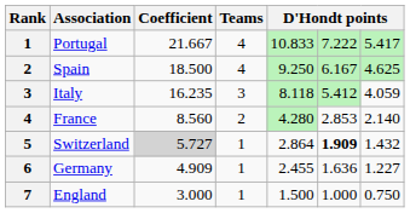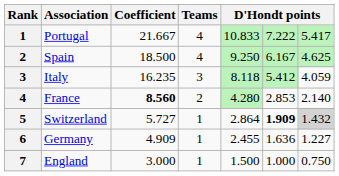 <table class="wikitable">
 <tr>
 <th>Rank</th>
 <th>Association</th>
 <th>Coefficient</th>
 <th>Teams</th>
 <th colspan=4>D'Hondt points</th>
 </tr>
 <tr>
 <th>1</th>
 <td> <a href='#'>Portugal</a></td>
 <td align=right>21.667</td>
 <td align=center>4</td>
 <td align=right bgcolor=#BBF3BB>10.833</td>
 <td align=right bgcolor=#BBF3BB>7.222</td>
 <td align=right bgcolor=#BBF3BB>5.417</td>
 </tr>
 <tr>
 <th>2</th>
 <td> <a href='#'>Spain</a></td>
 <td align=right>18.500</td>
 <td align=center>4</td>
 <td align=right bgcolor=#BBF3BB>9.250</td>
 <td align=right bgcolor=#BBF3BB>6.167</td>
 <td align=right bgcolor=#BBF3BB>4.625</td>
 </tr>
 <tr>
 <th>3</th>
 <td> <a href='#'>Italy</a></td>
 <td align=right>16.235</td>
 <td align=center>3</td>
 <td align=right bgcolor=#BBF3BB>8.118</td>
 <td align=right bgcolor=#BBF3BB>5.412</td>
 <td align=right>4.059</td>
 </tr>
 <tr>
 <th>4</th>
 <td> <a href='#'>France</a></td>
-<td align=right>8.560</td>
+<td align=right><strong>8.560</strong></td>
 <td align=center>2</td>
 <td align=right bgcolor=#BBF3BB>4.280</td>
 <td align=right>2.853</td>
 <td align=right>2.140</td>
 </tr>
 <tr>
 <th>5</th>
 <td> <a href='#'>Switzerland</a></td>
-<td align=right style="background: lightgrey;">5.727</td>
+<td align=right>5.727</td>
 <td align=center>1</td>
 <td align=right>2.864</td>
 <td align=right><strong>1.909</strong></td>
-<td align=right>1.432</td>
+<td align=right style="background: lightgrey;">1.432</td>
 </tr>
 <tr>
 <th>6</th>
 <td> <a href='#'>Germany</a></td>
 <td align=right>4.909</td>
 <td align=center>1</td>
 <td align=right>2.455</td>
 <td align=right>1.636</td>
 <td align=right>1.227</td>
 </tr>
 <tr>
 <th>7</th>
 <td> <a href='#'>England</a></td>
 <td align=right>3.000</td>
 <td align=center>1</td>
 <td align=right>1.500</td>
 <td align=right>1.000</td>
 <td align=right>0.750</td>
 </tr>
 </table>
